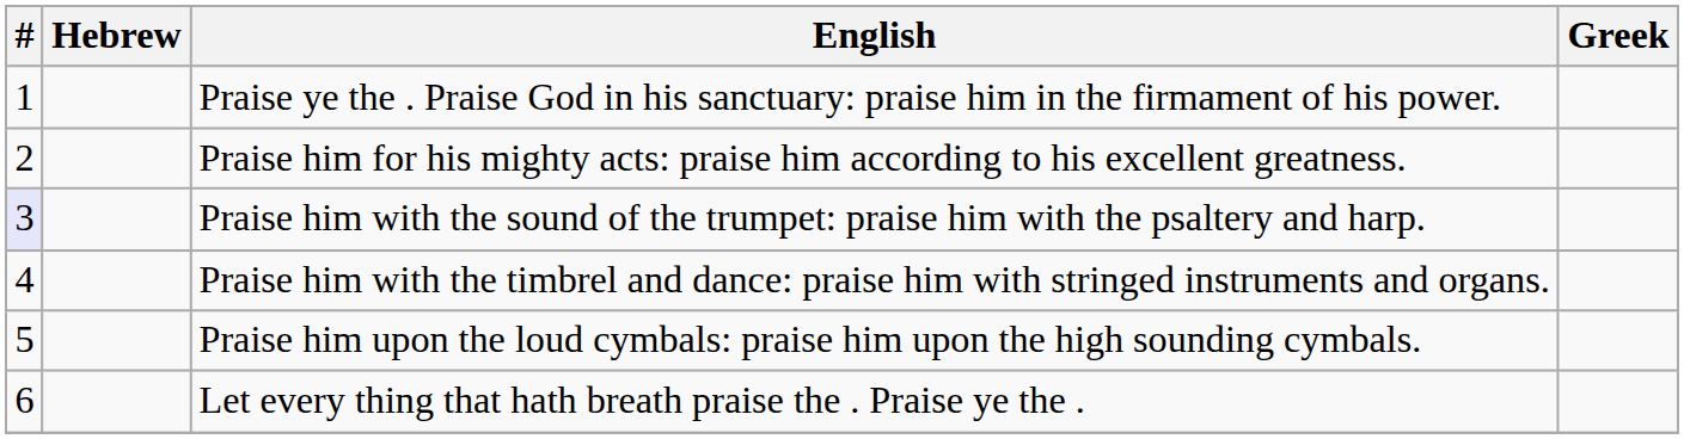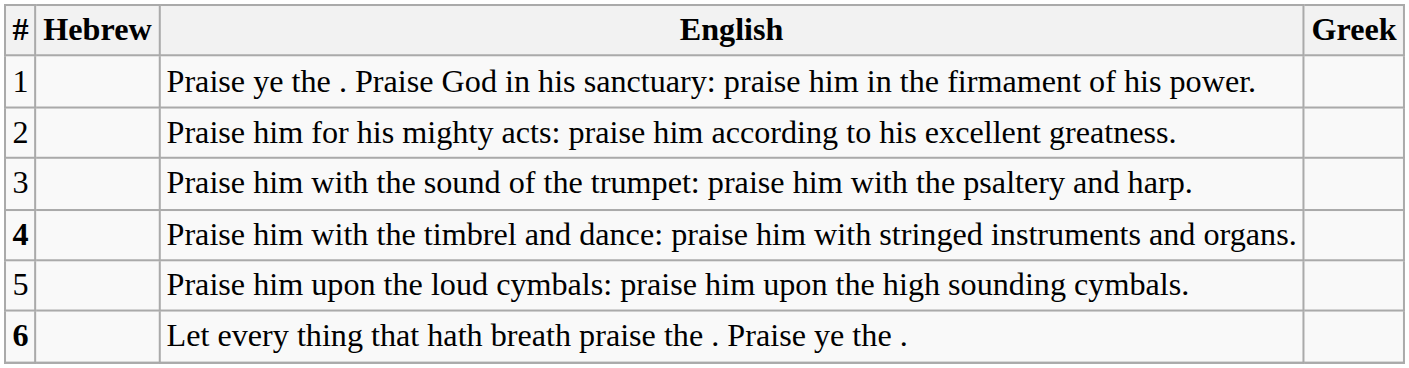 <table class=wikitable>
 <tr>
 <th>#</th>
 <th>Hebrew</th>
 <th>English</th>
 <th>Greek</th>
 </tr>
 <tr>
 <td style="text-align:right">1</td>
 <td style="text-align:right"></td>
 <td>Praise ye the . Praise God in his sanctuary: praise him in the firmament of his power.</td>
 <td></td>
 </tr>
 <tr>
 <td style="text-align:right">2</td>
 <td style="text-align:right"></td>
 <td>Praise him for his mighty acts: praise him according to his excellent greatness.</td>
 <td></td>
 </tr>
 <tr>
-<td style="background: lavender; text-align:right">3</td>
+<td style="text-align:right">3</td>
 <td style="text-align:right"></td>
 <td>Praise him with the sound of the trumpet: praise him with the psaltery and harp.</td>
 <td></td>
 </tr>
 <tr>
-<td style="text-align:right">4</td>
+<td style="text-align:right"><strong>4</strong></td>
 <td style="text-align:right"></td>
 <td>Praise him with the timbrel and dance: praise him with stringed instruments and organs.</td>
 <td></td>
 </tr>
 <tr>
 <td style="text-align:right">5</td>
 <td style="text-align:right"></td>
 <td>Praise him upon the loud cymbals: praise him upon the high sounding cymbals.</td>
 <td></td>
 </tr>
 <tr>
-<td style="text-align:right">6</td>
+<td style="text-align:right"><strong>6</strong></td>
 <td style="text-align:right"></td>
 <td>Let every thing that hath breath praise the . Praise ye the .</td>
 <td></td>
 </tr>
 <tr>
 </tr>
 </table>
